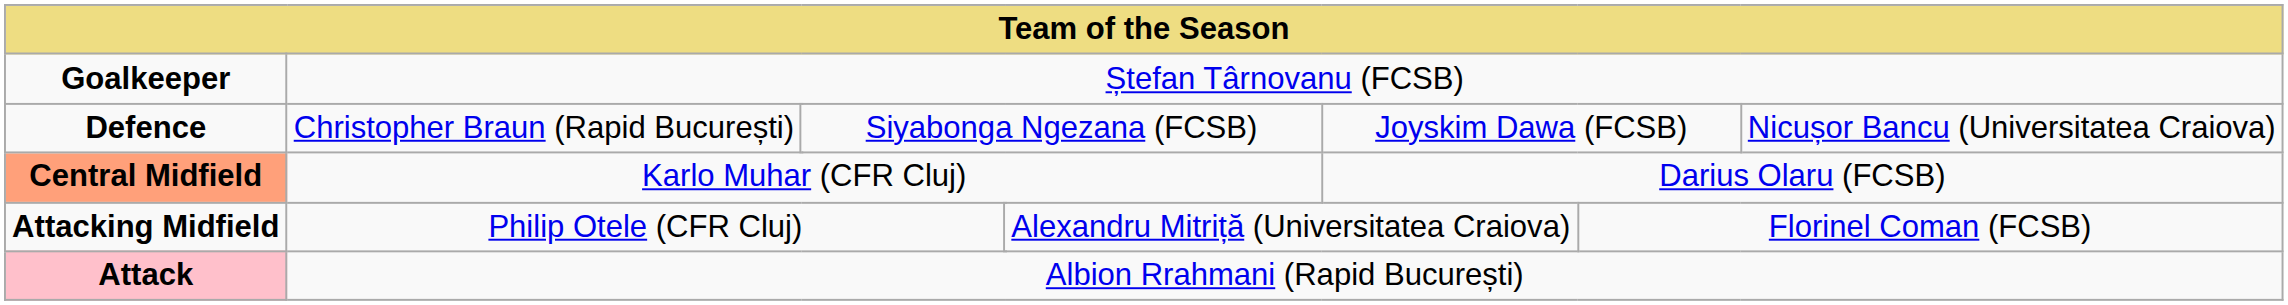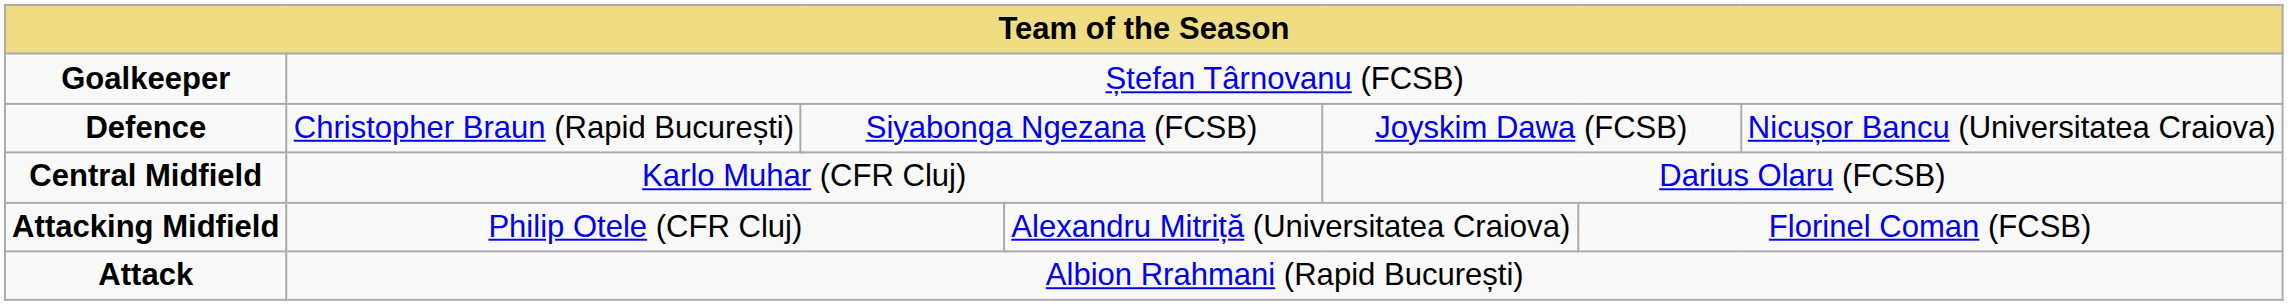 <table class="wikitable" style="text-align:center">
 <tr>
 <th colspan="21" style="background-color: #eedd82">Team of the Season</th>
 </tr>
 <tr>
 <td><strong>Goalkeeper</strong></td>
 <td colspan="20"> <a href='#'>Ștefan Târnovanu</a> (FCSB)</td>
 </tr>
 <tr>
 <td><strong>Defence</strong></td>
 <td colspan="5"> <a href='#'>Christopher Braun</a> (Rapid București)</td>
 <td colspan="5"> <a href='#'>Siyabonga Ngezana</a> (FCSB)</td>
 <td colspan="5"> <a href='#'>Joyskim Dawa</a> (FCSB)</td>
 <td colspan="5"> <a href='#'>Nicușor Bancu</a> (Universitatea Craiova)</td>
 </tr>
 <tr>
-<td style="background: lightsalmon;"><strong>Central Midfield</strong></td>
+<td><strong>Central Midfield</strong></td>
 <td colspan="10"> <a href='#'>Karlo Muhar</a> (CFR Cluj)</td>
 <td colspan="10"> <a href='#'>Darius Olaru</a> (FCSB)</td>
 </tr>
 <tr>
 <td><strong>Attacking Midfield</strong></td>
 <td colspan="7"> <a href='#'>Philip Otele</a> (CFR Cluj)</td>
 <td colspan="7"> <a href='#'>Alexandru Mitriță</a> (Universitatea Craiova)</td>
 <td colspan="7"> <a href='#'>Florinel Coman</a> (FCSB)</td>
 </tr>
 <tr>
-<td style="background: pink;"><strong>Attack</strong></td>
+<td><strong>Attack</strong></td>
 <td colspan="20"> <a href='#'>Albion Rrahmani</a> (Rapid București)</td>
 </tr>
 </table>
